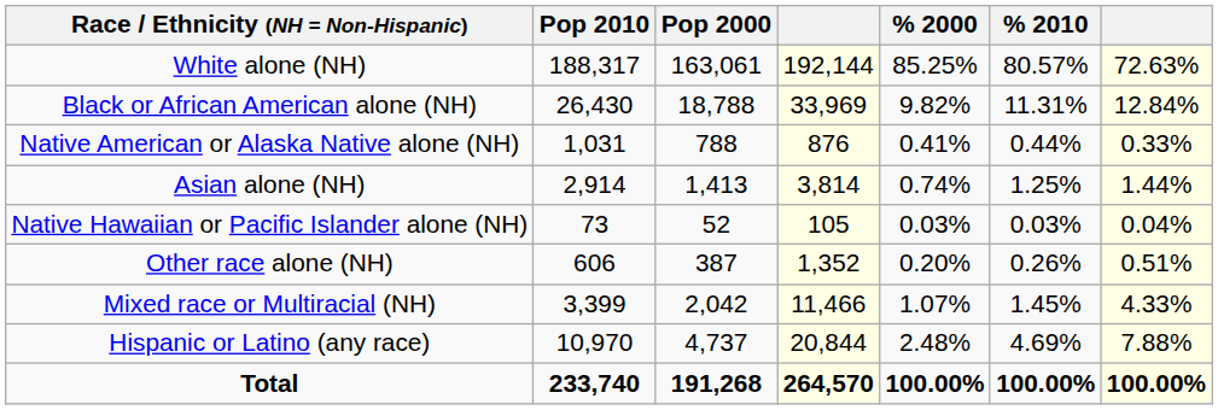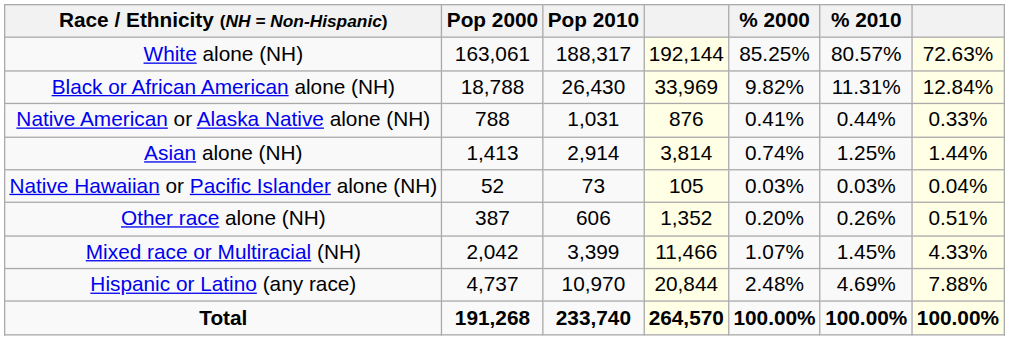 <table class="wikitable" style="text-align:center;">
 <tr>
 <th>Race / Ethnicity <small>(<em>NH = Non-Hispanic</em>)</small></th>
+<th>Pop 2000</th>
 <th>Pop 2010</th>
-<th>Pop 2000</th>
 <th></th>
 <th>% 2000</th>
 <th>% 2010</th>
 <th></th>
 </tr>
 <tr>
 <td><a href='#'>White</a> alone (NH)</td>
+<td>163,061</td>
 <td>188,317</td>
-<td>163,061</td>
 <td style='background: #ffffe6;'>192,144</td>
 <td>85.25%</td>
 <td>80.57%</td>
 <td style='background: #ffffe6;'>72.63%</td>
 </tr>
 <tr>
 <td><a href='#'>Black or African American</a> alone (NH)</td>
+<td>18,788</td>
 <td>26,430</td>
-<td>18,788</td>
 <td style='background: #ffffe6;'>33,969</td>
 <td>9.82%</td>
 <td>11.31%</td>
 <td style='background: #ffffe6;'>12.84%</td>
 </tr>
 <tr>
 <td><a href='#'>Native American</a> or <a href='#'>Alaska Native</a> alone (NH)</td>
+<td>788</td>
 <td>1,031</td>
-<td>788</td>
 <td style='background: #ffffe6;'>876</td>
 <td>0.41%</td>
 <td>0.44%</td>
 <td style='background: #ffffe6;'>0.33%</td>
 </tr>
 <tr>
 <td><a href='#'>Asian</a> alone (NH)</td>
+<td>1,413</td>
 <td>2,914</td>
-<td>1,413</td>
 <td style='background: #ffffe6;'>3,814</td>
 <td>0.74%</td>
 <td>1.25%</td>
 <td style='background: #ffffe6;'>1.44%</td>
 </tr>
 <tr>
 <td><a href='#'>Native Hawaiian</a> or <a href='#'>Pacific Islander</a> alone (NH)</td>
+<td>52</td>
 <td>73</td>
-<td>52</td>
 <td style='background: #ffffe6;'>105</td>
 <td>0.03%</td>
 <td>0.03%</td>
 <td style='background: #ffffe6;'>0.04%</td>
 </tr>
 <tr>
 <td><a href='#'>Other race</a> alone (NH)</td>
+<td>387</td>
 <td>606</td>
-<td>387</td>
 <td style='background: #ffffe6;'>1,352</td>
 <td>0.20%</td>
 <td>0.26%</td>
 <td style='background: #ffffe6;'>0.51%</td>
 </tr>
 <tr>
 <td><a href='#'>Mixed race or Multiracial</a> (NH)</td>
+<td>2,042</td>
 <td>3,399</td>
-<td>2,042</td>
 <td style='background: #ffffe6;'>11,466</td>
 <td>1.07%</td>
 <td>1.45%</td>
 <td style='background: #ffffe6;'>4.33%</td>
 </tr>
 <tr>
 <td><a href='#'>Hispanic or Latino</a> (any race)</td>
+<td>4,737</td>
 <td>10,970</td>
-<td>4,737</td>
 <td style='background: #ffffe6;'>20,844</td>
 <td>2.48%</td>
 <td>4.69%</td>
 <td style='background: #ffffe6;'>7.88%</td>
 </tr>
 <tr>
 <td><strong>Total</strong></td>
+<td><strong>191,268</strong></td>
 <td><strong>233,740</strong></td>
-<td><strong>191,268</strong></td>
 <td style='background: #ffffe6;'><strong>264,570</strong></td>
 <td><strong>100.00%</strong></td>
 <td><strong>100.00%</strong></td>
 <td style='background: #ffffe6;'><strong>100.00%</strong></td>
 </tr>
 </table>
